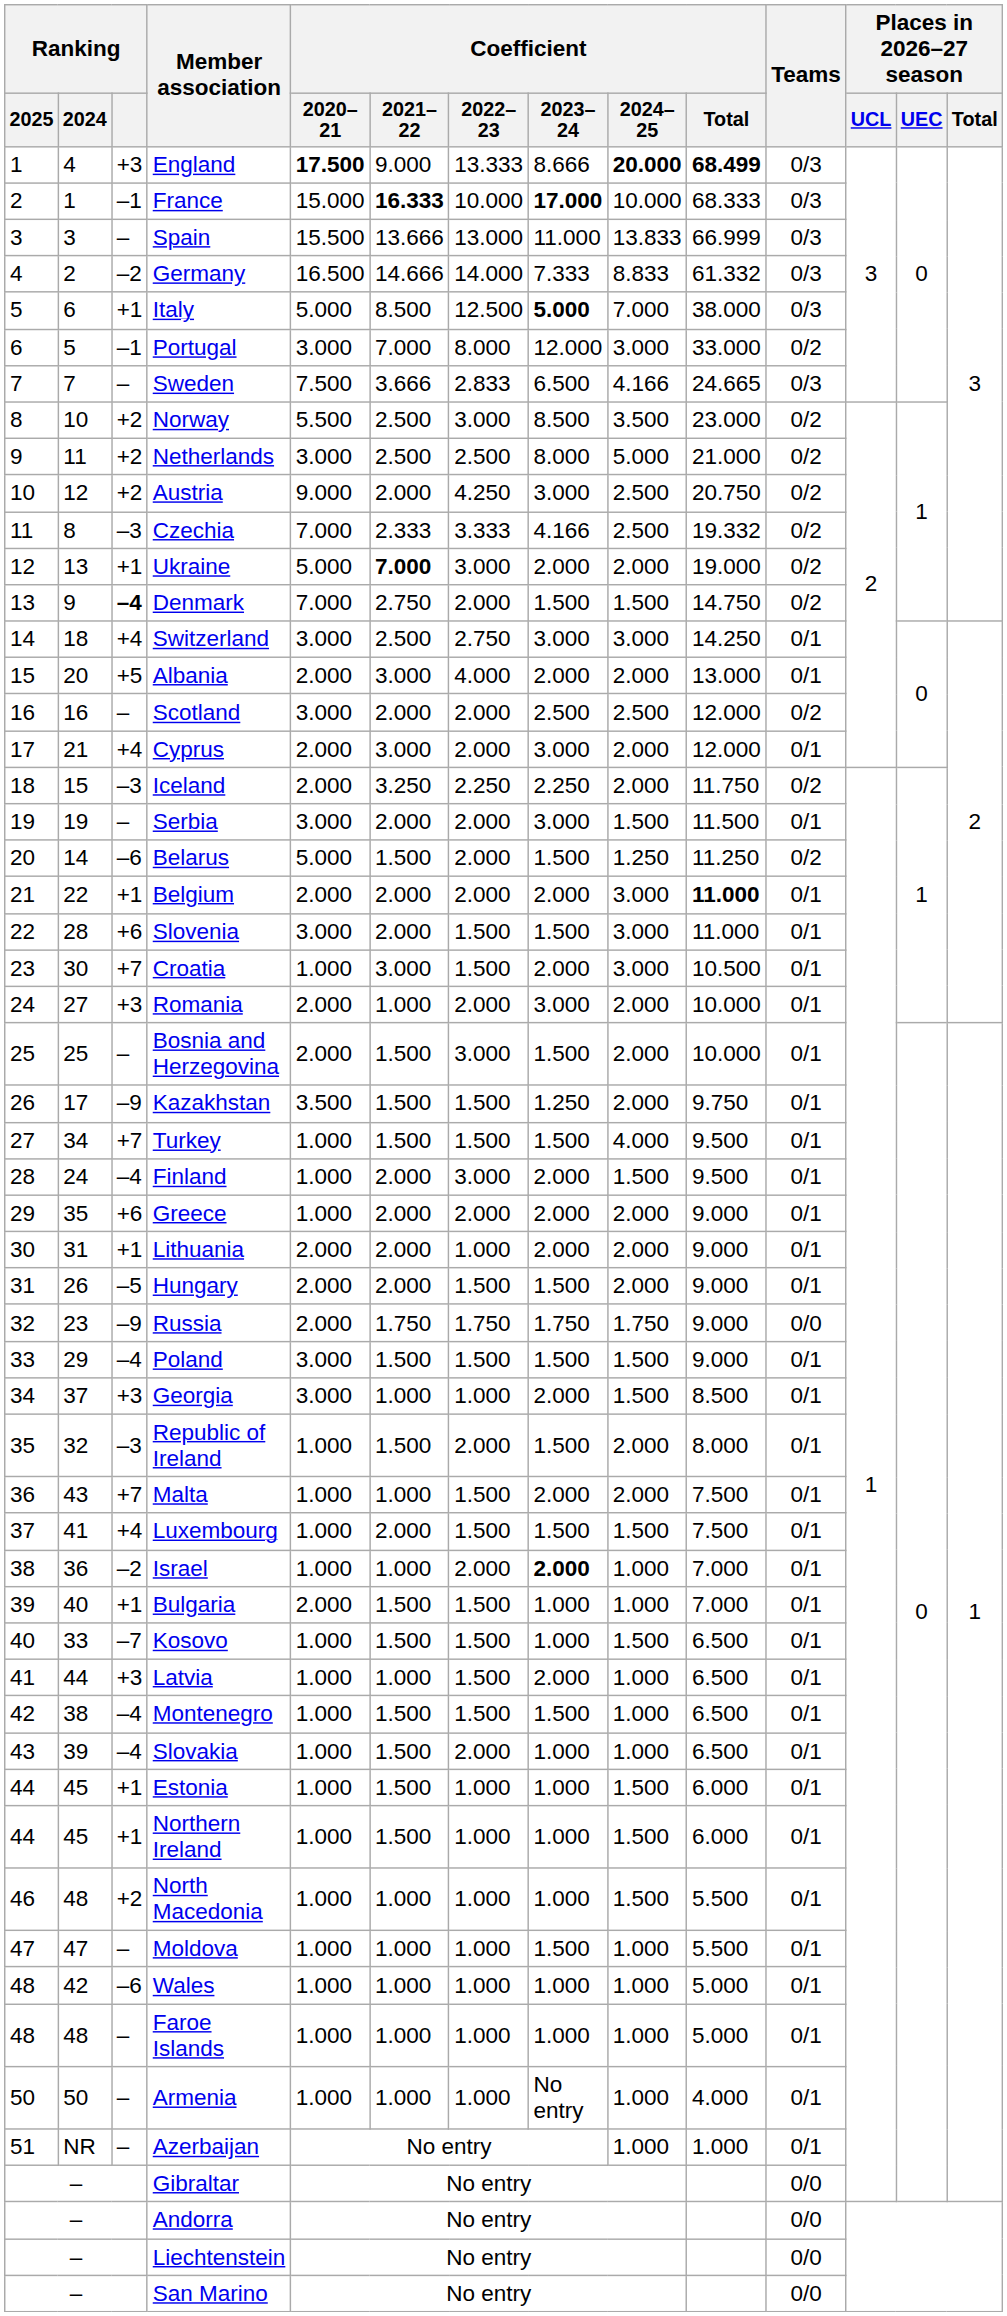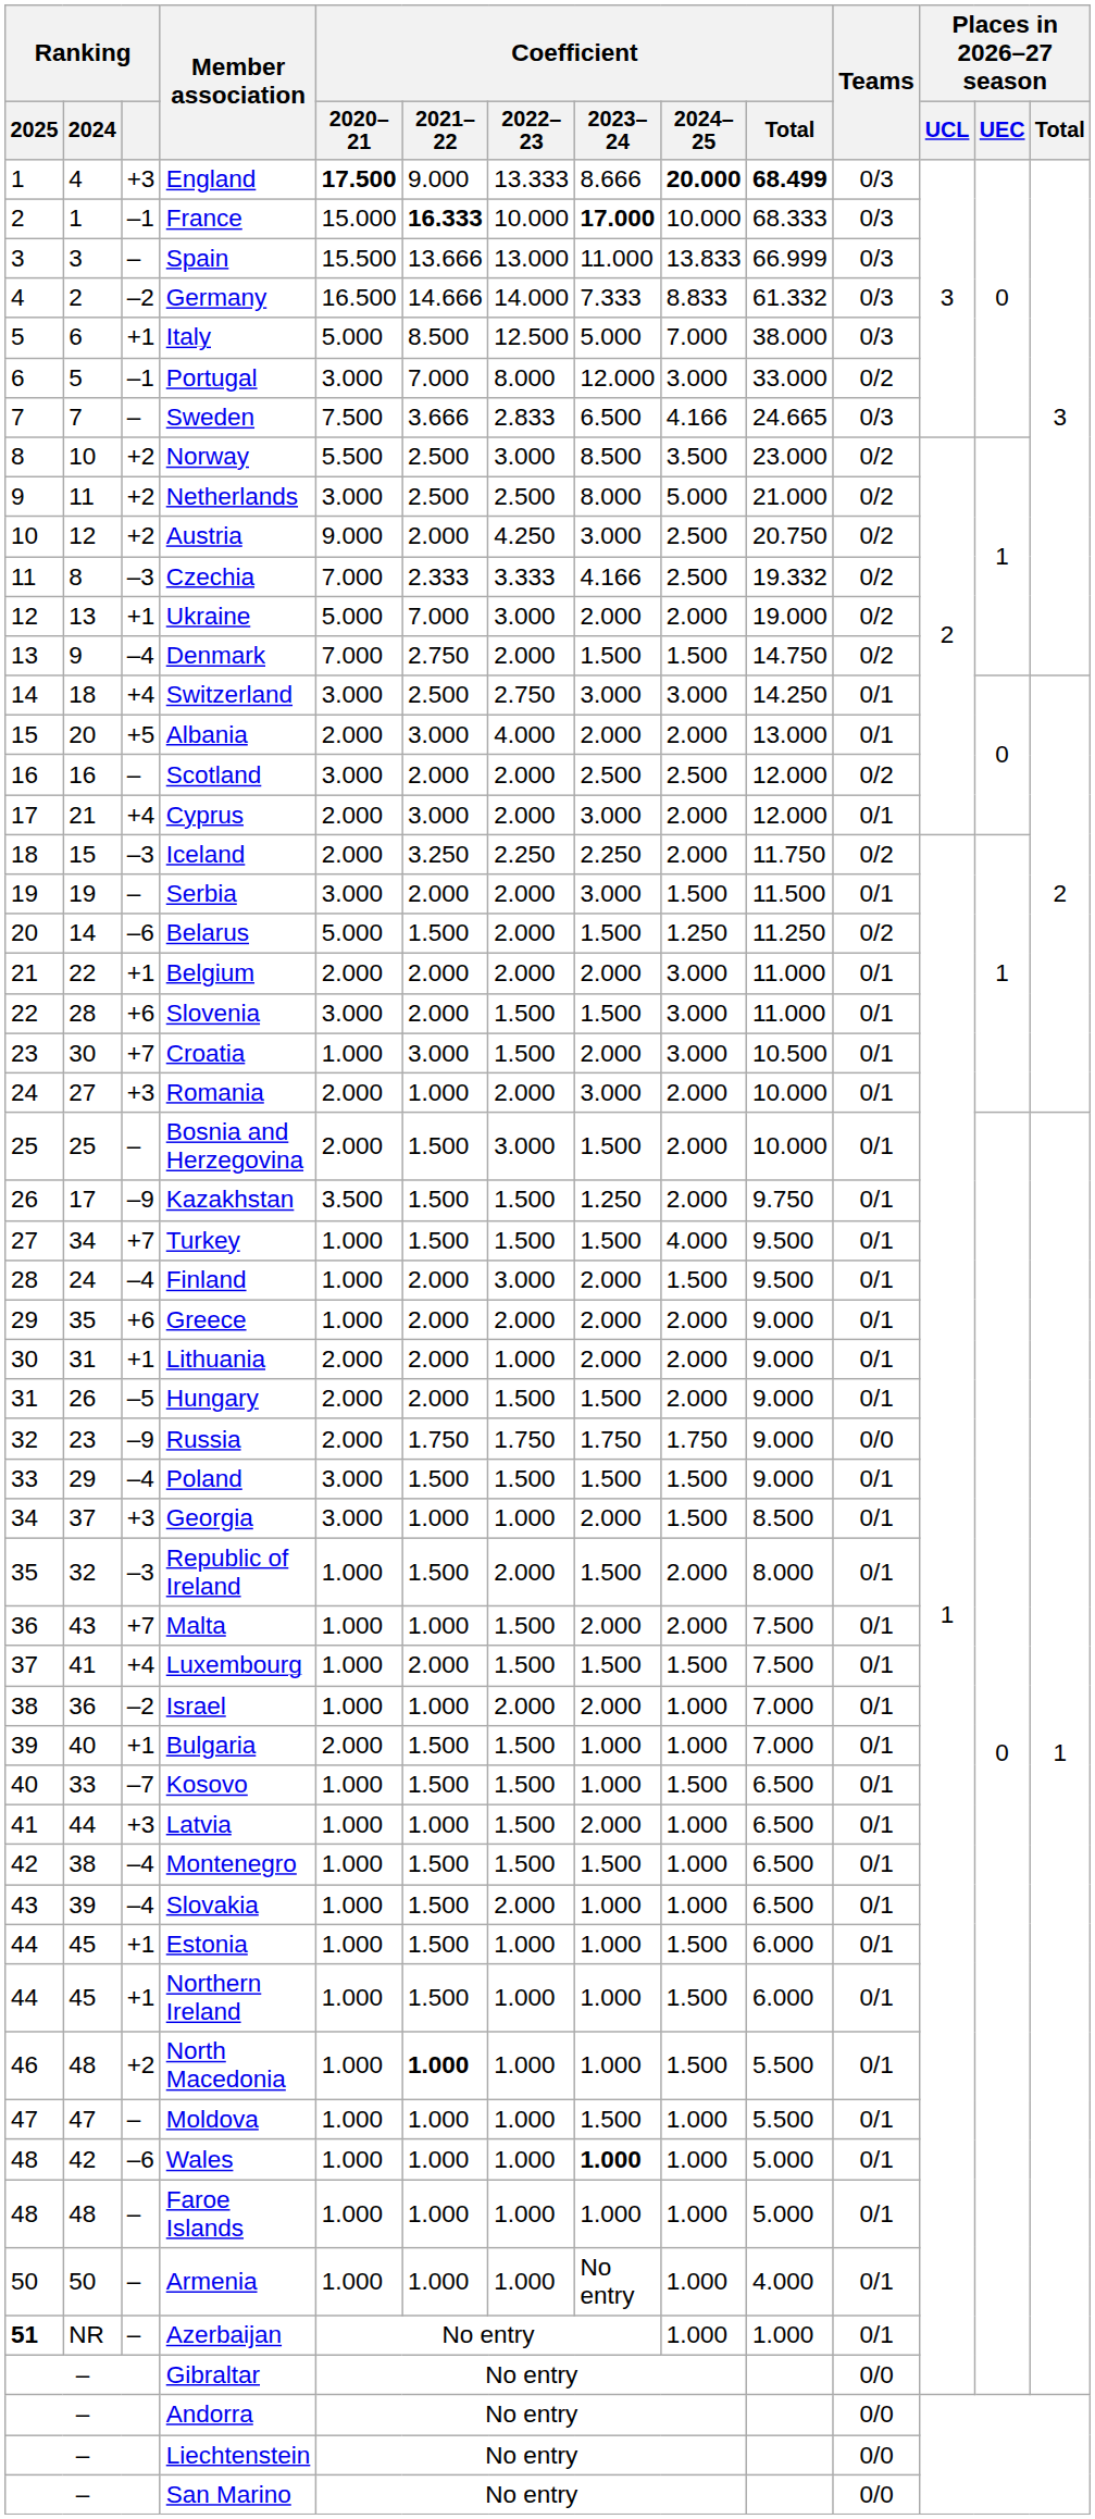 <table class="wikitable sortable" style="font-size: 97%;">
 <tr>
 <th colspan="3">Ranking</th>
 <th rowspan="2">Member association<br></th>
 <th colspan="6">Coefficient</th>
 <th rowspan="2">Teams</th>
 <th colspan="3">Places in 2026–27 season</th>
 </tr>
 <tr style="font-size: 88%;">
 <th>2025</th>
 <th>2024</th>
 <th data-sort-type="number"></th>
 <th>2020–21</th>
 <th>2021–22</th>
 <th>2022–23</th>
 <th>2023–24</th>
 <th>2024–25</th>
 <th>Total</th>
 <th><a href='#'>UCL</a></th>
 <th><a href='#'>UEC</a></th>
 <th>Total</th>
 </tr>
 <tr bgcolor=FFFFFF>
 <td>1</td>
 <td>4</td>
 <td> +3</td>
 <td> <a href='#'>England</a> </td>
 <td><strong>17.500</strong></td>
 <td>9.000</td>
 <td>13.333</td>
 <td>8.666</td>
 <td><strong>20.000</strong></td>
 <td><strong>68.499</strong></td>
 <td align="center">0/3</td>
 <td rowspan= "7" align="center" bgcolor="#FFFFFF">3</td>
 <td rowspan= "7" align="center" bgcolor="#FFFFFF">0</td>
 <td rowspan="13" align="center" bgcolor="#FFFFFF">3</td>
 </tr>
 <tr bgcolor=FFFFFF>
 <td>2</td>
 <td>1</td>
 <td> –1</td>
 <td> <a href='#'>France</a> </td>
 <td>15.000</td>
 <td><strong>16.333</strong></td>
 <td>10.000</td>
 <td><strong>17.000</strong></td>
 <td>10.000</td>
 <td>68.333<strong></td>
 <td align=center>0/3</td>
 </tr>
 <tr bgcolor=FFFFFF>
 <td>3</td>
 <td>3</td>
 <td> –</td>
 <td> <a href='#'>Spain</a> </td>
 <td>15.500</td>
 <td>13.666</td>
 <td>13.000</td>
 <td>11.000</td>
 <td>13.833</td>
 <td>66.999</td>
 <td align=center>0/3</td>
 </tr>
 <tr bgcolor=FFFFFF>
 <td>4</td>
 <td>2</td>
 <td> –2</td>
 <td> <a href='#'>Germany</a> </td>
 <td>16.500</td>
 <td>14.666</td>
 <td></strong>14.000<strong></td>
 <td>7.333</td>
 <td>8.833</td>
 <td>61.332</td>
 <td align="center">0/3</td>
 </tr>
 <tr bgcolor=FFFFFF>
 <td>5</td>
 <td>6</td>
 <td> +1</td>
 <td> <a href='#'>Italy</a> </td>
 <td>5.000</td>
 <td>8.500</td>
 <td>12.500</td>
-<td><strong>5.000</strong></td>
+<td>5.000</td>
 <td>7.000</td>
 <td>38.000</td>
 <td align="center">0/3</td>
 </tr>
 <tr bgcolor=FFFFFF>
 <td>6</td>
 <td>5</td>
 <td> –1</td>
 <td> <a href='#'>Portugal</a> </td>
 <td>3.000</td>
 <td>7.000</td>
 <td>8.000</td>
 <td>12.000</td>
 <td>3.000</td>
 <td>33.000</td>
 <td align="center">0/2</td>
 </tr>
 <tr bgcolor=FFFFFF>
 <td>7</td>
 <td>7</td>
 <td> –</td>
 <td> <a href='#'>Sweden</a> </td>
 <td>7.500</td>
 <td>3.666</td>
 <td>2.833</td>
 <td>6.500</td>
 <td>4.166</td>
 <td>24.665</td>
 <td align="center">0/3</td>
 </tr>
 <tr bgcolor=FFFFFF>
 <td>8</td>
 <td>10</td>
 <td> +2</td>
 <td> <a href='#'>Norway</a> </td>
 <td>5.500</td>
 <td>2.500</td>
 <td>3.000</td>
 <td>8.500</td>
 <td>3.500</td>
 <td>23.000</td>
 <td align=center>0/2</td>
 <td rowspan="10" align="center" bgcolor="#FFFFFF">2</td>
 <td rowspan= "6" align="center" bgcolor="#FFFFFF">1</td>
 </tr>
 <tr bgcolor=FFFFFF>
 <td>9</td>
 <td>11</td>
 <td> +2</td>
 <td> <a href='#'>Netherlands</a> </td>
 <td>3.000</td>
 <td>2.500</td>
 <td>2.500</td>
 <td>8.000</td>
 <td>5.000</td>
 <td>21.000</td>
 <td align="center">0/2</td>
 </tr>
 <tr bgcolor=FFFFFF>
 <td>10</td>
 <td>12</td>
 <td> +2</td>
 <td> <a href='#'>Austria</a> </td>
 <td>9.000</td>
 <td>2.000</td>
 <td>4.250</td>
 <td>3.000</td>
 <td>2.500</td>
 <td>20.750</td>
 <td align="center">0/2</td>
 </tr>
 <tr bgcolor=FFFFFF>
 <td>11</td>
 <td>8</td>
 <td> –3</td>
 <td> <a href='#'>Czechia</a> </td>
 <td>7.000</td>
 <td>2.333</td>
 <td>3.333</td>
 <td>4.166</td>
 <td>2.500</td>
 <td>19.332</td>
 <td align="center">0/2</td>
 </tr>
 <tr bgcolor=FFFFFF>
 <td>12</td>
 <td>13</td>
 <td> +1</td>
 <td> <a href='#'>Ukraine</a> </td>
 <td>5.000</td>
-<td><strong>7.000</strong></td>
+<td>7.000</td>
 <td>3.000</td>
 <td>2.000</td>
 <td>2.000</td>
 <td>19.000</td>
 <td align="center">0/2</td>
 </tr>
 <tr bgcolor=FFFFFF>
 <td>13</td>
 <td>9</td>
-<td><strong> –4</strong></td>
+<td> –4</td>
 <td> <a href='#'>Denmark</a> </td>
 <td>7.000</td>
 <td>2.750</td>
 <td>2.000</td>
 <td>1.500</td>
 <td>1.500</td>
 <td>14.750</td>
 <td align="center">0/2</td>
 </tr>
 <tr bgcolor=FFFFFF>
 <td>14</td>
 <td>18</td>
 <td> +4</td>
 <td> <a href='#'>Switzerland</a> </td>
 <td>3.000</td>
 <td>2.500</td>
 <td>2.750</td>
 <td>3.000</td>
 <td>3.000</td>
 <td>14.250</td>
 <td align=center>0/1</td>
 <td rowspan= "4" align="center" bgcolor="#FFFFFF">0</td>
 <td rowspan="11" align="center" bgcolor="#FFFFFF">2</td>
 </tr>
 <tr bgcolor=FFFFFF>
 <td>15</td>
 <td>20</td>
 <td> +5</td>
 <td> <a href='#'>Albania</a> </td>
 <td>2.000</td>
 <td>3.000</td>
 <td>4.000</td>
 <td>2.000</td>
 <td>2.000</td>
 <td>13.000</td>
 <td align="center">0/1</td>
 </tr>
 <tr bgcolor=FFFFFF>
 <td>16</td>
 <td>16</td>
 <td> –</td>
 <td> <a href='#'>Scotland</a> </td>
 <td>3.000</td>
 <td>2.000</td>
 <td>2.000</td>
 <td>2.500</td>
 <td>2.500</td>
 <td>12.000</td>
 <td align=center>0/2</td>
 </tr>
 <tr bgcolor=FFFFFF>
 <td>17</td>
 <td>21</td>
 <td> +4</td>
 <td> <a href='#'>Cyprus</a> </td>
 <td>2.000</td>
 <td>3.000</td>
 <td>2.000</td>
 <td>3.000</td>
 <td>2.000</td>
 <td>12.000</td>
 <td align="center">0/1</td>
 </tr>
 <tr bgcolor=FFFFFF>
 <td>18</td>
 <td>15</td>
 <td> –3</td>
 <td> <a href='#'>Iceland</a> </td>
 <td>2.000</td>
 <td>3.250</td>
 <td>2.250</td>
 <td>2.250</td>
 <td>2.000</td>
 <td>11.750</td>
 <td align="center">0/2</td>
 <td rowspan="35" align="center" bgcolor="#FFFFFF">1</td>
 <td rowspan= "7" align="center" bgcolor="#FFFFFF">1</td>
 </tr>
 <tr bgcolor=FFFFFF>
 <td>19</td>
 <td>19</td>
 <td> –</td>
 <td> <a href='#'>Serbia</a> </td>
 <td>3.000</td>
 <td>2.000</td>
 <td>2.000</td>
 <td>3.000</td>
 <td>1.500</td>
 <td>11.500</td>
 <td align="center">0/1</td>
 </tr>
 <tr bgcolor=FFFFFF>
 <td>20</td>
 <td>14</td>
 <td> –6</td>
 <td> <a href='#'>Belarus</a> </td>
 <td>5.000</td>
 <td>1.500</td>
 <td>2.000</td>
 <td>1.500</td>
 <td>1.250</td>
 <td>11.250</td>
 <td align=center>0/2</td>
 </tr>
 <tr bgcolor=FFFFFF>
 <td>21</td>
 <td>22</td>
 <td> +1</td>
 <td> <a href='#'>Belgium</a> </td>
 <td>2.000</td>
 <td>2.000</td>
 <td>2.000</td>
 <td>2.000</td>
 <td>3.000</td>
-<td><strong>11.000</strong></td>
+<td>11.000</td>
 <td align="center">0/1</td>
 </tr>
 <tr bgcolor=FFFFFF>
 <td>22</td>
 <td>28</td>
 <td> +6</td>
 <td> <a href='#'>Slovenia</a> </td>
 <td>3.000</td>
 <td>2.000</td>
 <td>1.500</td>
 <td>1.500</td>
 <td>3.000</td>
 <td>11.000</td>
 <td align="center">0/1</td>
 </tr>
 <tr bgcolor=FFFFFF>
 <td>23</td>
 <td>30</td>
 <td> +7</td>
 <td> <a href='#'>Croatia</a> </td>
 <td>1.000</td>
 <td>3.000</td>
 <td>1.500</td>
 <td>2.000</td>
 <td>3.000</td>
 <td>10.500</td>
 <td align="center">0/1</td>
 </tr>
 <tr bgcolor=FFFFFF>
 <td>24</td>
 <td>27</td>
 <td> +3</td>
 <td> <a href='#'>Romania</a> </td>
 <td>2.000</td>
 <td>1.000</td>
 <td>2.000</td>
 <td>3.000</td>
 <td>2.000</td>
 <td>10.000</td>
 <td align="center">0/1</td>
 </tr>
 <tr bgcolor=FFFFFF>
 <td>25</td>
 <td>25</td>
 <td> –</td>
 <td> <a href='#'>Bosnia and Herzegovina</a> </td>
 <td>2.000</td>
 <td>1.500</td>
 <td>3.000</td>
 <td>1.500</td>
 <td>2.000</td>
 <td>10.000</td>
 <td align="center">0/1</td>
 <td rowspan="28" align="center" bgcolor="#FFFFFF">0</td>
 <td rowspan="28" align="center" bgcolor="#FFFFFF">1</td>
 </tr>
 <tr bgcolor=FFFFFF>
 <td>26</td>
 <td>17</td>
 <td> –9</td>
 <td> <a href='#'>Kazakhstan</a> </td>
 <td>3.500</td>
 <td>1.500</td>
 <td>1.500</td>
 <td>1.250</td>
 <td>2.000</td>
 <td>9.750</td>
 <td align="center">0/1</td>
 </tr>
 <tr bgcolor=FFFFFF>
 <td>27</td>
 <td>34</td>
 <td> +7</td>
 <td> <a href='#'>Turkey</a> </td>
 <td>1.000</td>
 <td>1.500</td>
 <td>1.500</td>
 <td>1.500</td>
 <td>4.000</td>
 <td>9.500</td>
 <td align="center">0/1</td>
 </tr>
 <tr bgcolor=FFFFFF>
 <td>28</td>
 <td>24</td>
 <td> –4</td>
 <td> <a href='#'>Finland</a> </td>
 <td>1.000</td>
 <td>2.000</td>
 <td>3.000</td>
 <td>2.000</td>
 <td>1.500</td>
 <td>9.500</td>
 <td align="center">0/1</td>
 </tr>
 <tr bgcolor=FFFFFF>
 <td>29</td>
 <td>35</td>
 <td> +6</td>
 <td> <a href='#'>Greece</a> </td>
 <td>1.000</td>
 <td>2.000</td>
 <td>2.000</td>
 <td>2.000</td>
 <td>2.000</td>
 <td>9.000</td>
 <td align="center">0/1</td>
 </tr>
 <tr bgcolor=FFFFFF>
 <td>30</td>
 <td>31</td>
 <td> +1</td>
 <td> <a href='#'>Lithuania</a> </td>
 <td>2.000</td>
 <td>2.000</td>
 <td>1.000</td>
 <td>2.000</td>
 <td>2.000</td>
 <td>9.000</td>
 <td align="center">0/1</td>
 </tr>
 <tr bgcolor=FFFFFF>
 <td>31</td>
 <td>26</td>
 <td> –5</td>
 <td> <a href='#'>Hungary</a> </td>
 <td>2.000</td>
 <td>2.000</td>
 <td>1.500</td>
 <td>1.500</td>
 <td>2.000</td>
 <td>9.000</td>
 <td align="center">0/1</td>
 </tr>
 <tr bgcolor="FFFFFF">
 <td>32</td>
 <td>23</td>
 <td> –9</td>
 <td> <a href='#'>Russia</a> </td>
 <td>2.000</td>
 <td>1.750</td>
 <td>1.750</td>
 <td>1.750</td>
 <td>1.750</td>
 <td>9.000</td>
 <td align="center">0/0</td>
 </tr>
 <tr bgcolor="FFFFFF">
 <td>33</td>
 <td>29</td>
 <td> –4</td>
 <td> <a href='#'>Poland</a> </td>
 <td>3.000</td>
 <td>1.500</td>
 <td>1.500</td>
 <td>1.500</td>
 <td>1.500</td>
 <td>9.000</td>
 <td align="center">0/1</td>
 </tr>
 <tr bgcolor="FFFFFF">
 <td>34</td>
 <td>37</td>
 <td> +3</td>
 <td> <a href='#'>Georgia</a> </td>
 <td>3.000</td>
 <td>1.000</td>
 <td>1.000</td>
 <td>2.000</td>
 <td>1.500</td>
 <td>8.500</td>
 <td align="center">0/1</td>
 </tr>
 <tr bgcolor="FFFFFF">
 <td>35</td>
 <td>32</td>
 <td> –3</td>
 <td> <a href='#'>Republic of Ireland</a> </td>
 <td>1.000</td>
 <td>1.500</td>
 <td>2.000</td>
 <td>1.500</td>
 <td>2.000</td>
 <td>8.000</td>
 <td align="center">0/1</td>
 </tr>
 <tr bgcolor="FFFFFF">
 <td>36</td>
 <td>43</td>
 <td> +7</td>
 <td> <a href='#'>Malta</a> </td>
 <td>1.000</td>
 <td>1.000</td>
 <td>1.500</td>
 <td>2.000</td>
 <td>2.000</td>
 <td>7.500</td>
 <td align="center">0/1</td>
 </tr>
 <tr bgcolor="FFFFFF">
 <td>37</td>
 <td>41</td>
 <td> +4</td>
 <td> <a href='#'>Luxembourg</a> </td>
 <td>1.000</td>
 <td>2.000</td>
 <td>1.500</td>
 <td>1.500</td>
 <td>1.500</td>
 <td>7.500</td>
 <td align="center">0/1</td>
 </tr>
 <tr bgcolor=FFFFFF>
 <td>38</td>
 <td>36</td>
 <td> –2</td>
 <td> <a href='#'>Israel</a> </td>
 <td>1.000</td>
 <td>1.000</td>
 <td>2.000</td>
-<td><strong>2.000</strong></td>
+<td>2.000</td>
 <td>1.000</td>
 <td>7.000</td>
 <td align="center">0/1</td>
 </tr>
 <tr bgcolor=FFFFFF>
 <td>39</td>
 <td>40</td>
 <td> +1</td>
 <td> <a href='#'>Bulgaria</a> </td>
 <td>2.000</td>
 <td>1.500</td>
 <td>1.500</td>
 <td>1.000</td>
 <td>1.000</td>
 <td>7.000</td>
 <td align="center">0/1</td>
 </tr>
 <tr bgcolor=FFFFFF>
 <td>40</td>
 <td>33</td>
 <td> –7</td>
 <td> <a href='#'>Kosovo</a> </td>
 <td>1.000</td>
 <td>1.500</td>
 <td>1.500</td>
 <td>1.000</td>
 <td>1.500</td>
 <td>6.500</td>
 <td align="center">0/1</td>
 </tr>
 <tr bgcolor=FFFFFF>
 <td>41</td>
 <td>44</td>
 <td> +3</td>
 <td> <a href='#'>Latvia</a> </td>
 <td>1.000</td>
 <td>1.000</td>
 <td>1.500</td>
 <td>2.000</td>
 <td>1.000</td>
 <td>6.500</td>
 <td align=center>0/1</td>
 </tr>
 <tr bgcolor=FFFFFF>
 <td>42</td>
 <td>38</td>
 <td> –4</td>
 <td> <a href='#'>Montenegro</a> </td>
 <td>1.000</td>
 <td>1.500</td>
 <td>1.500</td>
 <td>1.500</td>
 <td>1.000</td>
 <td>6.500</td>
 <td align=center>0/1</td>
 </tr>
 <tr bgcolor=FFFFFF>
 <td>43</td>
 <td>39</td>
 <td> –4</td>
 <td> <a href='#'>Slovakia</a> </td>
 <td>1.000</td>
 <td>1.500</td>
 <td>2.000</td>
 <td>1.000</td>
 <td>1.000</td>
 <td>6.500</td>
 <td align="center">0/1</td>
 </tr>
 <tr bgcolor=FFFFFF>
 <td>44</td>
 <td>45</td>
 <td> +1</td>
 <td> <a href='#'>Estonia</a> </td>
 <td>1.000</td>
 <td>1.500</td>
 <td>1.000</td>
 <td>1.000</td>
 <td>1.500</td>
 <td>6.000</td>
 <td align="center">0/1</td>
 </tr>
 <tr bgcolor=FFFFFF>
 <td>44</td>
 <td>45</td>
 <td> +1</td>
 <td> <a href='#'>Northern Ireland</a> </td>
 <td>1.000</td>
 <td>1.500</td>
 <td>1.000</td>
 <td>1.000</td>
 <td>1.500</td>
 <td>6.000</td>
 <td align="center">0/1</td>
 </tr>
 <tr bgcolor=FFFFFF>
 <td>46</td>
 <td>48</td>
 <td> +2</td>
 <td> <a href='#'>North Macedonia</a> </td>
 <td>1.000</td>
-<td>1.000</td>
+<td><strong>1.000</strong></td>
 <td>1.000</td>
 <td>1.000</td>
 <td>1.500</td>
 <td>5.500</td>
 <td align=center>0/1</td>
 </tr>
 <tr bgcolor=FFFFFF>
 <td>47</td>
 <td>47</td>
 <td> –</td>
 <td> <a href='#'>Moldova</a> </td>
 <td>1.000</td>
 <td>1.000</td>
 <td>1.000</td>
 <td>1.500</td>
 <td>1.000</td>
 <td>5.500</td>
 <td align=center>0/1</td>
 </tr>
 <tr bgcolor=FFFFFF>
 <td>48</td>
 <td>42</td>
 <td> –6</td>
 <td> <a href='#'>Wales</a> </td>
 <td>1.000</td>
 <td>1.000</td>
 <td>1.000</td>
-<td>1.000</td>
+<td><strong>1.000</strong></td>
 <td>1.000</td>
 <td>5.000</td>
 <td align=center>0/1</td>
 </tr>
 <tr bgcolor=FFFFFF>
 <td>48</td>
 <td>48</td>
 <td> –</td>
 <td> <a href='#'>Faroe Islands</a> </td>
 <td>1.000</td>
 <td>1.000</td>
 <td>1.000</td>
 <td>1.000</td>
 <td>1.000</td>
 <td>5.000</td>
 <td align="center">0/1</td>
 </tr>
 <tr bgcolor=FFFFFF>
 <td>50</td>
 <td>50</td>
 <td> –</td>
 <td> <a href='#'>Armenia</a> </td>
 <td>1.000</td>
 <td>1.000</td>
 <td>1.000</td>
 <td>No entry</td>
 <td>1.000</td>
 <td>4.000</td>
 <td align=center>0/1</td>
 </tr>
 <tr bgcolor=FFFFFF>
-<td>51</td>
+<td><strong>51</strong></td>
 <td>NR</td>
 <td> –</td>
 <td> <a href='#'>Azerbaijan</a> </td>
 <td colspan=4 align=center>No entry</td>
 <td>1.000</td>
 <td>1.000</td>
 <td align=center>0/1</td>
 </tr>
 <tr bgcolor=FFFFFF>
 <td colspan=3 align=center>–</td>
 <td> <a href='#'>Gibraltar</a> </td>
 <td colspan=5 align=center>No entry</td>
 <td></td>
 <td align=center>0/0</td>
 </tr>
 <tr bgcolor=FFFFFF>
 <td colspan=3 align=center>–</td>
 <td> <a href='#'>Andorra</a> </td>
 <td colspan=5 align=center>No entry</td>
 <td></td>
 <td align=center>0/0</td>
 <td align=center rowspan=3 colspan=3></td>
 </tr>
 <tr bgcolor=FFFFFF>
 <td colspan=3 align=center>–</td>
 <td> <a href='#'>Liechtenstein</a> </td>
 <td colspan=5 align=center>No entry</td>
 <td></td>
 <td align=center>0/0</td>
 </tr>
 <tr bgcolor=FFFFFF>
 <td colspan=3 align=center>–</td>
 <td> <a href='#'>San Marino</a> </td>
 <td colspan=5 align=center>No entry</td>
 <td></td>
 <td align=center>0/0</td>
 </tr>
 </table>
